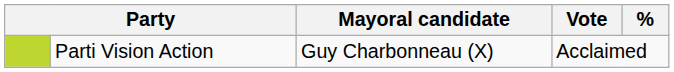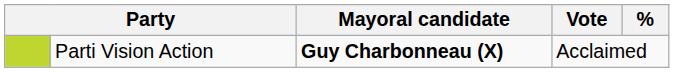 <table class="wikitable">
 <tr>
 <th bgcolor="#DDDDFF" width="230px" colspan="2">Party</th>
 <th bgcolor="#DDDDFF" width="200px">Mayoral candidate</th>
 <th bgcolor="#DDDDFF" width="50px">Vote</th>
 <th bgcolor="#DDDDFF" width="30px">%</th>
 </tr>
 <tr>
 <td bgcolor=#BFD630 width="30px"> </td>
 <td>Parti Vision Action</td>
-<td>Guy Charbonneau (X)</td>
+<td><strong>Guy Charbonneau (X)</strong></td>
 <td colspan="2">Acclaimed</td>
 </tr>
 </table>
